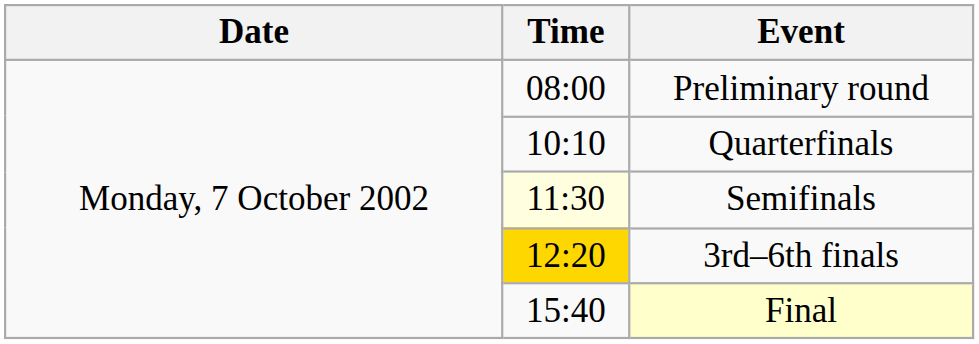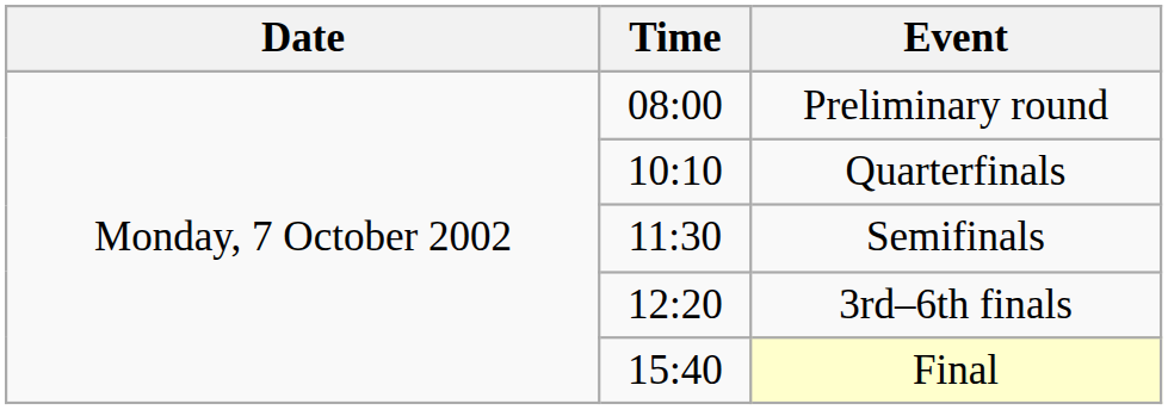 <table class = "wikitable" style="text-align:center;">
 <tr>
 <th width=220>Date</th>
 <th width=50>Time</th>
 <th width=150>Event</th>
 </tr>
 <tr>
 <td rowspan=5>Monday, 7 October 2002</td>
 <td>08:00</td>
 <td>Preliminary round</td>
 </tr>
 <tr>
 <td>10:10</td>
 <td>Quarterfinals</td>
 </tr>
 <tr>
-<td style="background: lightyellow;">11:30</td>
+<td>11:30</td>
 <td>Semifinals</td>
 </tr>
 <tr>
-<td style="background: gold;">12:20</td>
+<td>12:20</td>
 <td>3rd–6th finals</td>
 </tr>
 <tr>
 <td>15:40</td>
 <td bgcolor=ffffcc>Final</td>
 </tr>
 </table>
